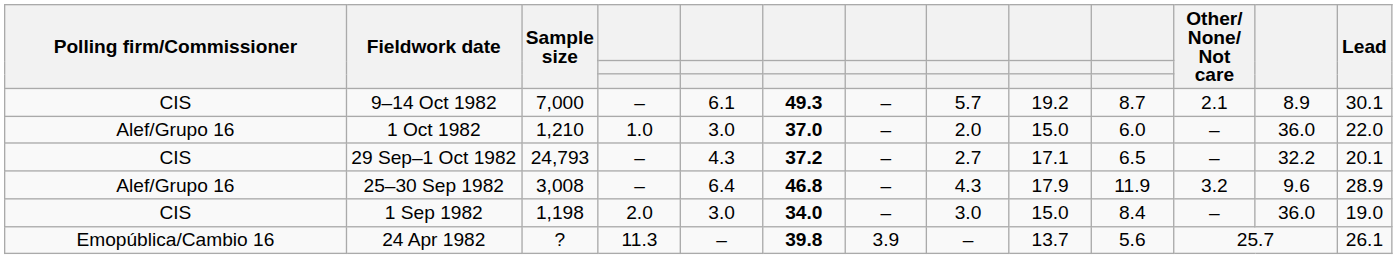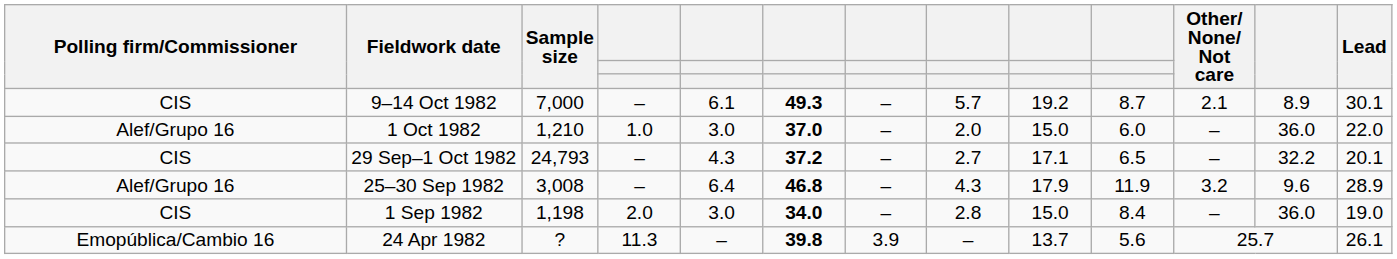 <table class="wikitable collapsible collapsed" style="text-align:center; font-size:90%; line-height:14px;">
 <tr style="height:42px;">
 <th style="width:250px;" rowspan="3">Polling firm/Commissioner</th>
 <th style="width:125px;" rowspan="3">Fieldwork date</th>
 <th style="width:50px;" rowspan="3">Sample size</th>
 <th style="width:55px;"></th>
 <th style="width:55px;"></th>
 <th style="width:55px;"></th>
 <th style="width:55px;"></th>
 <th style="width:55px;"></th>
 <th style="width:55px;"></th>
 <th style="width:55px;"></th>
 <th style="width:55px;" rowspan="3">Other/<br>None/<br>Not<br>care</th>
 <th style="width:55px;" rowspan="3"></th>
 <th style="width:30px;" rowspan="3">Lead</th>
 </tr>
 <tr>
 <th style="color:inherit;background:"></th>
 <th style="color:inherit;background:"></th>
 <th style="color:inherit;background:"></th>
 <th style="color:inherit;background:"></th>
 <th style="color:inherit;background:"></th>
 <th style="color:inherit;background:"></th>
 <th style="color:inherit;background:"></th>
 </tr>
 <tr>
 <th></th>
 <th></th>
 <th></th>
 <th></th>
 <th></th>
 <th></th>
 <th></th>
 </tr>
 <tr>
 <td>CIS</td>
 <td>9–14 Oct 1982</td>
 <td>7,000</td>
 <td>–</td>
 <td>6.1</td>
 <td><strong>49.3</strong></td>
 <td>–</td>
 <td>5.7</td>
 <td>19.2</td>
 <td>8.7</td>
 <td>2.1</td>
 <td>8.9</td>
 <td style="background:">30.1</td>
 </tr>
 <tr>
 <td>Alef/Grupo 16</td>
 <td>1 Oct 1982</td>
 <td>1,210</td>
 <td>1.0</td>
 <td>3.0</td>
 <td><strong>37.0</strong></td>
 <td>–</td>
 <td>2.0</td>
 <td>15.0</td>
 <td>6.0</td>
 <td>–</td>
 <td>36.0</td>
 <td style="background:">22.0</td>
 </tr>
 <tr>
 <td>CIS</td>
 <td>29 Sep–1 Oct 1982</td>
 <td>24,793</td>
 <td>–</td>
 <td>4.3</td>
 <td><strong>37.2</strong></td>
 <td>–</td>
 <td>2.7</td>
 <td>17.1</td>
 <td>6.5</td>
 <td>–</td>
 <td>32.2</td>
 <td style="background:">20.1</td>
 </tr>
 <tr>
 <td>Alef/Grupo 16</td>
 <td>25–30 Sep 1982</td>
 <td>3,008</td>
 <td>–</td>
 <td>6.4</td>
 <td><strong>46.8</strong></td>
 <td>–</td>
 <td>4.3</td>
 <td>17.9</td>
 <td>11.9</td>
 <td>3.2</td>
 <td>9.6</td>
 <td style="background:">28.9</td>
 </tr>
 <tr>
 <td>CIS</td>
 <td>1 Sep 1982</td>
 <td>1,198</td>
 <td>2.0</td>
 <td>3.0</td>
 <td><strong>34.0</strong></td>
 <td>–</td>
-<td>3.0</td>
+<td>2.8</td>
 <td>15.0</td>
 <td>8.4</td>
 <td>–</td>
 <td>36.0</td>
 <td style="background:">19.0</td>
 </tr>
 <tr>
 <td>Emopública/Cambio 16</td>
 <td>24 Apr 1982</td>
 <td>?</td>
 <td>11.3</td>
 <td>–</td>
 <td><strong>39.8</strong></td>
 <td>3.9</td>
 <td>–</td>
 <td>13.7</td>
 <td>5.6</td>
 <td colspan="2">25.7</td>
 <td style="background:">26.1</td>
 </tr>
 </table>
